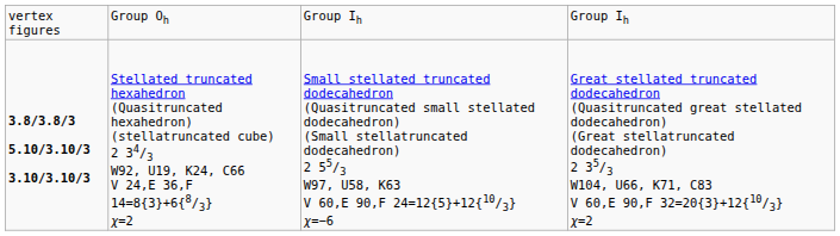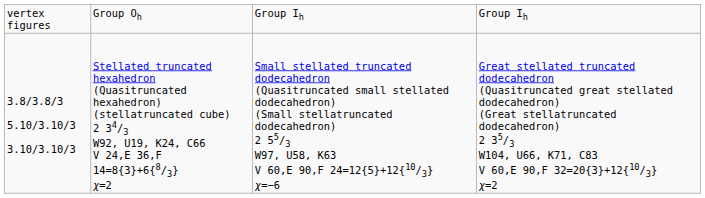 <table class="wikitable">
 <tr valign="top">
 <td>vertex figures</td>
 <td>Group O<sub>h</sub></td>
 <td>Group I<sub>h</sub></td>
 <td>Group I<sub>h</sub></td>
 </tr>
 <tr>
-<td><strong><br><br>3.8/3.8/3<br> <br>5.10/3.10/3<br> <br>3.10/3.10/3</strong></td>
+<td><br><br>3.8/3.8/3<br> <br>5.10/3.10/3<br> <br>3.10/3.10/3</td>
 <td><br><br> <a href='#'>Stellated truncated hexahedron</a><br> (Quasitruncated hexahedron)<br> (stellatruncated cube)<br> 2 3<sup>4</sup>/<sub>3</sub> <br> W92, U19, K24, C66<br> V 24,E 36,F 14=8{3}+6{<sup>8</sup>/<sub>3</sub>} <br><em>χ</em>=2</td>
 <td><br><br> <a href='#'>Small stellated truncated dodecahedron</a><br> (Quasitruncated small stellated dodecahedron)<br> (Small stellatruncated dodecahedron)<br> 2 5<sup>5</sup>/<sub>3</sub><br> W97, U58, K63<br> V 60,E 90,F 24=12{5}+12{<sup>10</sup>/<sub>3</sub>} <br><em>χ</em>=−6</td>
 <td><br><br> <a href='#'>Great stellated truncated dodecahedron</a><br> (Quasitruncated great stellated dodecahedron)<br> (Great stellatruncated dodecahedron)<br> 2 3<sup>5</sup>/<sub>3</sub><br> W104, U66, K71, C83<br> V 60,E 90,F 32=20{3}+12{<sup>10</sup>/<sub>3</sub>} <br><em>χ</em>=2</td>
 </tr>
 </table>
